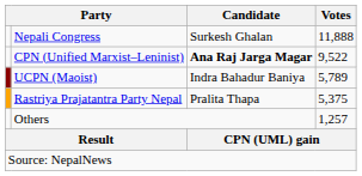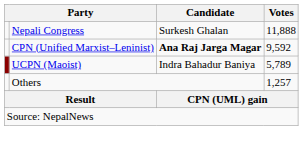 <table class="wikitable">
 <tr>
 <th colspan="2">Party</th>
 <th>Candidate</th>
 <th>Votes</th>
 </tr>
 <tr>
 <td style="background-color:"></td>
 <td><a href='#'>Nepali Congress</a></td>
 <td>Surkesh Ghalan</td>
 <td>11,888</td>
 </tr>
 <tr>
 <td style="background-color:"></td>
 <td><a href='#'>CPN (Unified Marxist–Leninist)</a></td>
 <td><strong>Ana Raj Jarga Magar</strong></td>
-<td>9,522</td>
+<td>9,592</td>
 </tr>
 <tr>
 <td style="background-color:darkred"></td>
 <td><a href='#'>UCPN (Maoist)</a></td>
 <td>Indra Bahadur Baniya</td>
 <td>5,789</td>
-</tr>
-<tr>
-<td style="background-color:orange"></td>
-<td><a href='#'>Rastriya Prajatantra Party Nepal</a></td>
-<td>Pralita Thapa</td>
-<td>5,375</td>
 </tr>
 <tr>
 <td></td>
 <td colspan="2">Others</td>
 <td>1,257</td>
 </tr>
 <tr>
 <th colspan="2">Result</th>
 <th colspan="2">CPN (UML) gain</th>
 </tr>
 <tr>
 <td colspan="4">Source: NepalNews</td>
 </tr>
 </table>
